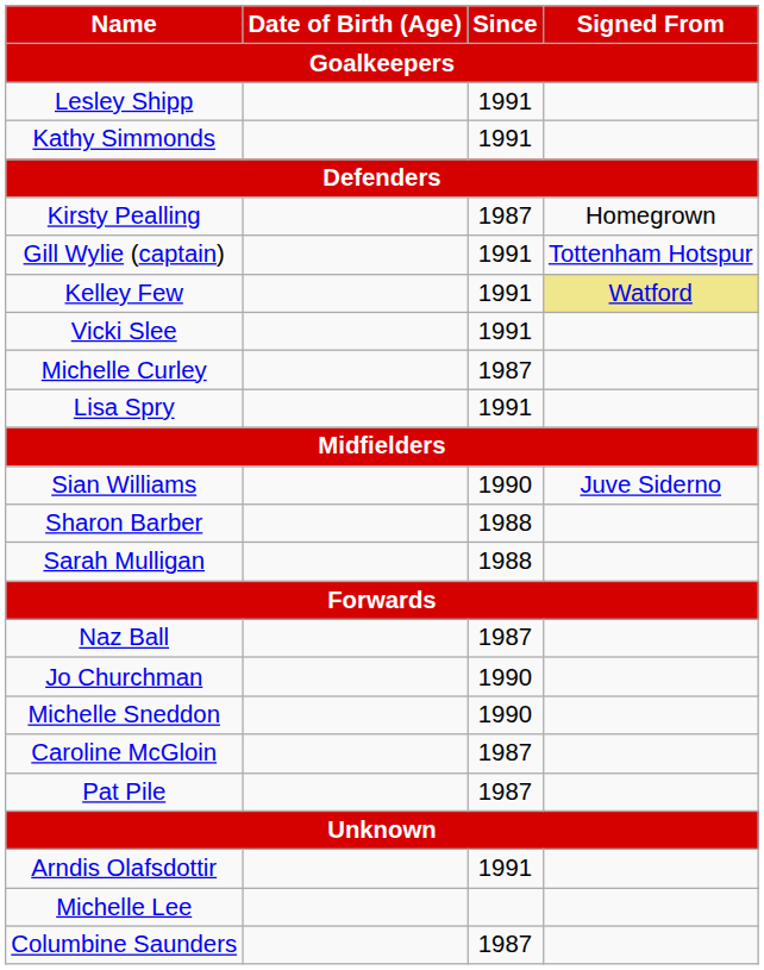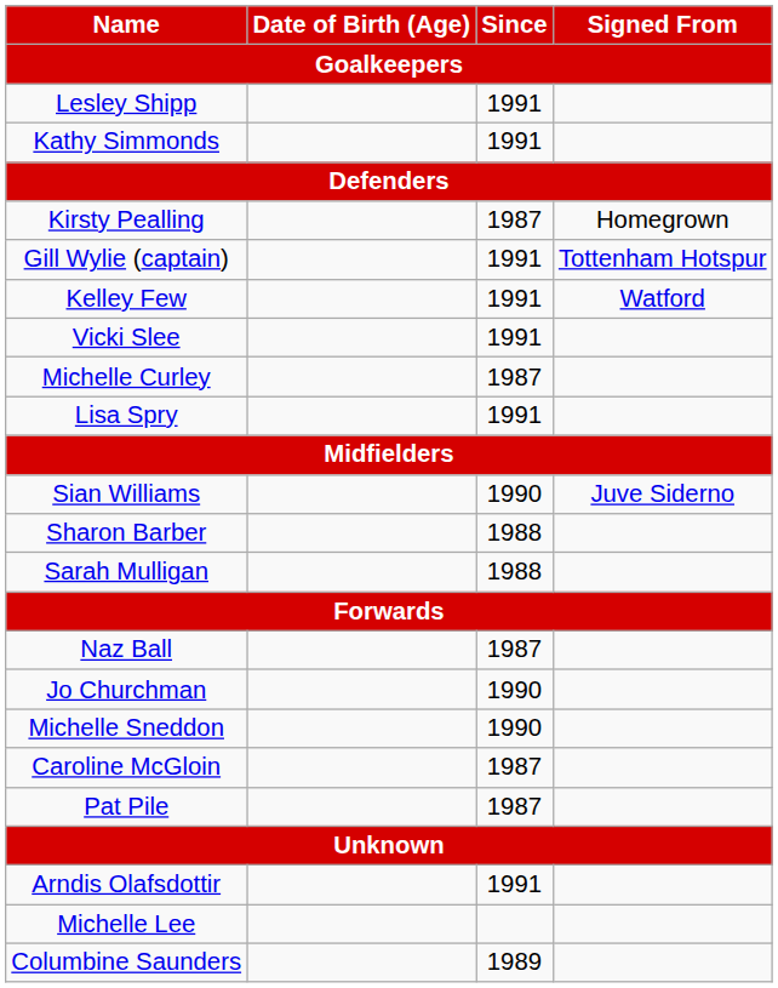 <table class="wikitable" style="text-align:center; font-size:100%; ">
 <tr>
 <th style="background:#d50000; color:white; text-align:center;">Name</th>
 <th style="background:#d50000; color:white; text-align:center;">Date of Birth (Age)</th>
 <th style="background:#d50000; color:white; text-align:center;">Since</th>
 <th style="background:#d50000; color:white; text-align:center;">Signed From</th>
 </tr>
 <tr>
 <th style="background:#d50000; color:white; text-align:center;" colspan="4">Goalkeepers</th>
 </tr>
 <tr>
 <td> <a href='#'>Lesley Shipp</a></td>
 <td></td>
 <td>1991</td>
 <td></td>
 </tr>
 <tr>
 <td><a href='#'>Kathy Simmonds</a></td>
 <td></td>
 <td>1991</td>
 <td></td>
 </tr>
 <tr>
 <th style="background:#d50000; color:white; text-align:center;" colspan="4">Defenders</th>
 </tr>
 <tr>
 <td> <a href='#'>Kirsty Pealling</a></td>
 <td></td>
 <td>1987</td>
 <td>Homegrown</td>
 </tr>
 <tr>
 <td><em></em> <a href='#'>Gill Wylie</a> (<a href='#'>captain</a>)</td>
 <td></td>
 <td>1991</td>
 <td> <a href='#'>Tottenham Hotspur</a></td>
 </tr>
 <tr>
 <td> <a href='#'>Kelley Few</a></td>
 <td></td>
 <td>1991</td>
-<td style="background: khaki;"> <a href='#'>Watford</a></td>
+<td> <a href='#'>Watford</a></td>
 </tr>
 <tr>
 <td> <a href='#'>Vicki Slee</a></td>
 <td></td>
 <td>1991</td>
 <td></td>
 </tr>
 <tr>
 <td> <a href='#'>Michelle Curley</a></td>
 <td></td>
 <td>1987</td>
 <td></td>
 </tr>
 <tr>
 <td> <a href='#'>Lisa Spry</a></td>
 <td></td>
 <td>1991</td>
 <td></td>
 </tr>
 <tr>
 <th style="background:#d50000; color:white; text-align:center;" colspan="4">Midfielders</th>
 </tr>
 <tr>
 <td> <a href='#'>Sian Williams</a></td>
 <td></td>
 <td>1990</td>
 <td> <a href='#'>Juve Siderno</a></td>
 </tr>
 <tr>
 <td> <a href='#'>Sharon Barber</a></td>
 <td></td>
 <td>1988</td>
 <td></td>
 </tr>
 <tr>
 <td> <a href='#'>Sarah Mulligan</a></td>
 <td></td>
 <td>1988</td>
 <td></td>
 </tr>
 <tr>
 <th style="background:#d50000; color:white; text-align:center;" colspan="4">Forwards</th>
 </tr>
 <tr>
 <td> <a href='#'>Naz Ball</a></td>
 <td></td>
 <td>1987</td>
 <td></td>
 </tr>
 <tr>
 <td> <a href='#'>Jo Churchman</a></td>
 <td></td>
 <td>1990</td>
 <td></td>
 </tr>
 <tr>
 <td> <a href='#'>Michelle Sneddon</a></td>
 <td></td>
 <td>1990</td>
 <td></td>
 </tr>
 <tr>
 <td><a href='#'>Caroline McGloin</a></td>
 <td></td>
 <td>1987</td>
 <td></td>
 </tr>
 <tr>
 <td><a href='#'>Pat Pile</a></td>
 <td></td>
 <td>1987</td>
 <td></td>
 </tr>
 <tr>
 <th style="background:#d50000; color:white; text-align:center;" colspan="4">Unknown</th>
 </tr>
 <tr>
 <td> <a href='#'>Arndis Olafsdottir</a></td>
 <td></td>
 <td>1991</td>
 <td></td>
 </tr>
 <tr>
 <td><a href='#'>Michelle Lee</a></td>
 <td></td>
 <td></td>
 <td></td>
 </tr>
 <tr>
 <td><a href='#'>Columbine Saunders</a></td>
 <td></td>
-<td>1987</td>
+<td>1989</td>
 <td></td>
 </tr>
 </table>
